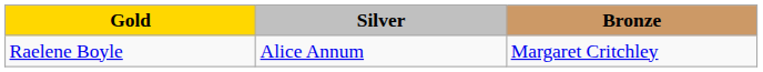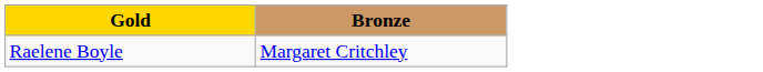 <table class="wikitable">
 <tr>
 <th scope=col style="background-color:gold; width:200px;">Gold</th>
-<th scope=col style="background-color:silver; width:200px;">Silver</th>
 <th scope=col style="background-color:#cc9966; width:200px;">Bronze</th>
 </tr>
 <tr>
 <td><a href='#'>Raelene Boyle</a><br><em></em></td>
-<td><a href='#'>Alice Annum</a><br><em></em></td>
 <td><a href='#'>Margaret Critchley</a><br><em></em></td>
 </tr>
 </table>
